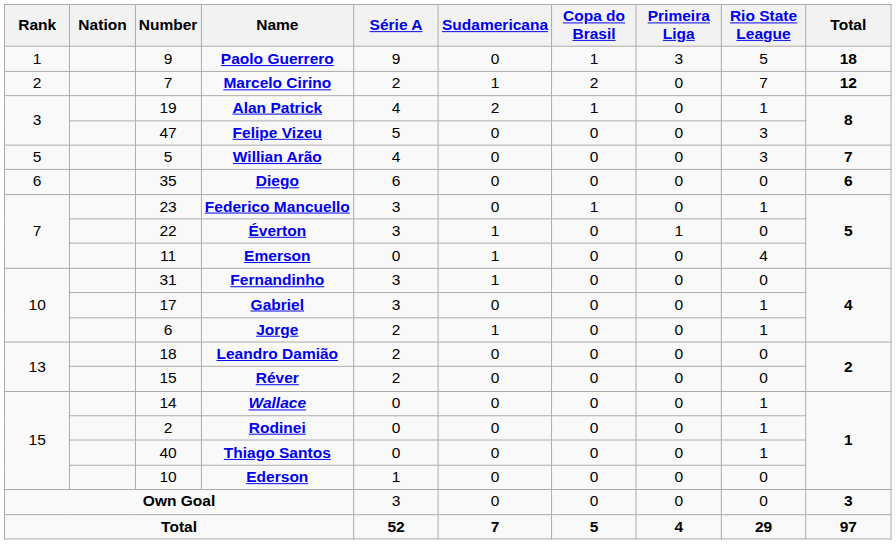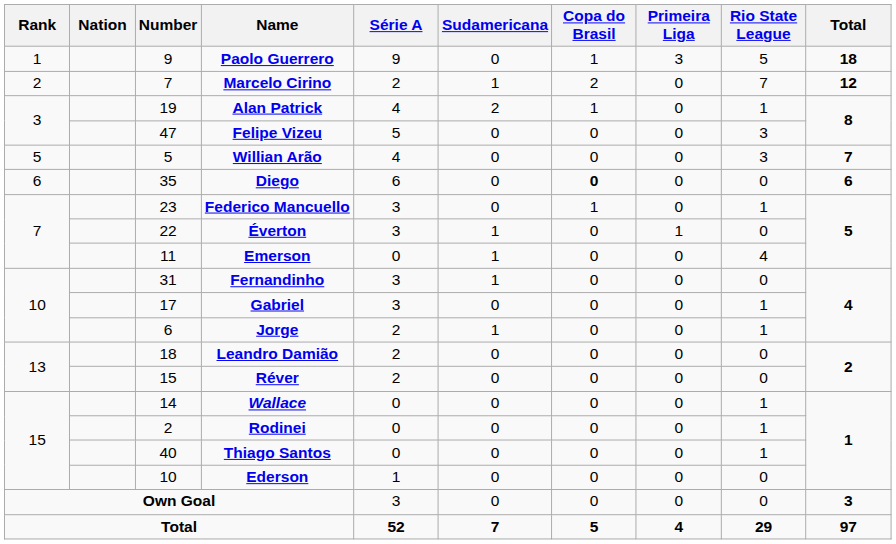 <table class="wikitable plainrowheaders sortable" style="text-align:center">
 <tr>
 <th scope="col" ! style="width:60px;">Rank</th>
 <th scope="col" ! style="width:60px;">Nation</th>
 <th scope="col" ! style="width:60px;">Number</th>
 <th scope="col" ! style="width:150px;">Name</th>
 <th scope="col" ! style="width:80px;"><a href='#'>Série A</a></th>
 <th scope="col" ! style="width:80px;"><a href='#'>Sudamericana</a></th>
 <th scope="col" ! style="width:80px;"><a href='#'>Copa do Brasil</a></th>
 <th scope="col" ! style="width:80px;"><a href='#'>Primeira Liga</a></th>
 <th scope="col" ! style="width:80px;"><a href='#'>Rio State League</a></th>
 <th scope="col" ! style="width:80px;">Total</th>
 </tr>
 <tr>
 <td>1</td>
 <td></td>
 <td>9</td>
 <td><strong><a href='#'>Paolo Guerrero</a></strong></td>
 <td>9</td>
 <td>0</td>
 <td>1</td>
 <td>3</td>
 <td>5</td>
 <td><strong>18</strong></td>
 </tr>
 <tr>
 <td>2</td>
 <td></td>
 <td>7</td>
 <td><strong><a href='#'>Marcelo Cirino</a></strong></td>
 <td>2</td>
 <td>1</td>
 <td>2</td>
 <td>0</td>
 <td>7</td>
 <td><strong>12</strong></td>
 </tr>
 <tr>
 <td rowspan=2>3</td>
 <td></td>
 <td>19</td>
 <td><strong><a href='#'>Alan Patrick</a></strong></td>
 <td>4</td>
 <td>2</td>
 <td>1</td>
 <td>0</td>
 <td>1</td>
 <td rowspan=2><strong>8</strong></td>
 </tr>
 <tr>
 <td></td>
 <td>47</td>
 <td><strong><a href='#'>Felipe Vizeu</a></strong></td>
 <td>5</td>
 <td>0</td>
 <td>0</td>
 <td>0</td>
 <td>3</td>
 </tr>
 <tr>
 <td>5</td>
 <td></td>
 <td>5</td>
 <td><strong><a href='#'>Willian Arão</a></strong></td>
 <td>4</td>
 <td>0</td>
 <td>0</td>
 <td>0</td>
 <td>3</td>
 <td><strong>7</strong></td>
 </tr>
 <tr>
 <td>6</td>
 <td></td>
 <td>35</td>
 <td><strong><a href='#'>Diego</a></strong></td>
 <td>6</td>
 <td>0</td>
-<td>0</td>
+<td><strong>0</strong></td>
 <td>0</td>
 <td>0</td>
 <td><strong>6</strong></td>
 </tr>
 <tr>
 <td rowspan=3>7</td>
 <td></td>
 <td>23</td>
 <td><strong><a href='#'>Federico Mancuello</a></strong></td>
 <td>3</td>
 <td>0</td>
 <td>1</td>
 <td>0</td>
 <td>1</td>
 <td rowspan=3><strong>5</strong></td>
 </tr>
 <tr>
 <td></td>
 <td>22</td>
 <td><strong><a href='#'>Éverton</a></strong></td>
 <td>3</td>
 <td>1</td>
 <td>0</td>
 <td>1</td>
 <td>0</td>
 </tr>
 <tr>
 <td></td>
 <td>11</td>
 <td><strong><a href='#'>Emerson</a></strong></td>
 <td>0</td>
 <td>1</td>
 <td>0</td>
 <td>0</td>
 <td>4</td>
 </tr>
 <tr>
 <td rowspan=3>10</td>
 <td></td>
 <td>31</td>
 <td><strong><a href='#'>Fernandinho</a></strong></td>
 <td>3</td>
 <td>1</td>
 <td>0</td>
 <td>0</td>
 <td>0</td>
 <td rowspan=3><strong>4</strong></td>
 </tr>
 <tr>
 <td></td>
 <td>17</td>
 <td><strong><a href='#'>Gabriel</a></strong></td>
 <td>3</td>
 <td>0</td>
 <td>0</td>
 <td>0</td>
 <td>1</td>
 </tr>
 <tr>
 <td></td>
 <td>6</td>
 <td><strong><a href='#'>Jorge</a></strong></td>
 <td>2</td>
 <td>1</td>
 <td>0</td>
 <td>0</td>
 <td>1</td>
 </tr>
 <tr>
 <td rowspan=2>13</td>
 <td></td>
 <td>18</td>
 <td><strong><a href='#'>Leandro Damião</a></strong></td>
 <td>2</td>
 <td>0</td>
 <td>0</td>
 <td>0</td>
 <td>0</td>
 <td rowspan=2><strong>2</strong></td>
 </tr>
 <tr>
 <td></td>
 <td>15</td>
 <td><strong><a href='#'>Réver</a></strong></td>
 <td>2</td>
 <td>0</td>
 <td>0</td>
 <td>0</td>
 <td>0</td>
 </tr>
 <tr>
 <td rowspan=4>15</td>
 <td></td>
 <td>14</td>
 <td><strong><em><a href='#'>Wallace</a></em></strong></td>
 <td>0</td>
 <td>0</td>
 <td>0</td>
 <td>0</td>
 <td>1</td>
 <td rowspan=4><strong>1</strong></td>
 </tr>
 <tr>
 <td></td>
 <td>2</td>
 <td><strong><a href='#'>Rodinei</a></strong></td>
 <td>0</td>
 <td>0</td>
 <td>0</td>
 <td>0</td>
 <td>1</td>
 </tr>
 <tr>
 <td></td>
 <td>40</td>
 <td><strong><a href='#'>Thiago Santos</a></strong></td>
 <td>0</td>
 <td>0</td>
 <td>0</td>
 <td>0</td>
 <td>1</td>
 </tr>
 <tr>
 <td></td>
 <td>10</td>
 <td><strong><a href='#'>Ederson</a></strong></td>
 <td>1</td>
 <td>0</td>
 <td>0</td>
 <td>0</td>
 <td>0</td>
 </tr>
 <tr>
 <td colspan=4><strong>Own Goal</strong></td>
 <td>3</td>
 <td>0</td>
 <td>0</td>
 <td>0</td>
 <td>0</td>
 <td><strong>3</strong></td>
 </tr>
 <tr>
 <td colspan=4><strong>Total</strong></td>
 <td><strong>52</strong></td>
 <td><strong>7</strong></td>
 <td><strong>5</strong></td>
 <td><strong>4</strong></td>
 <td><strong>29</strong></td>
 <td><strong>97</strong></td>
 </tr>
 </table>
